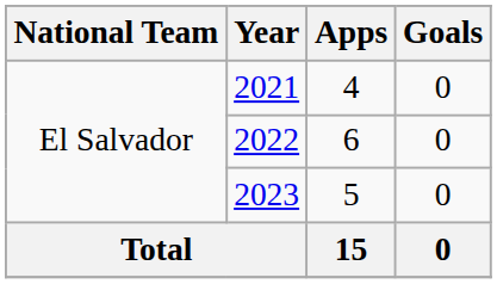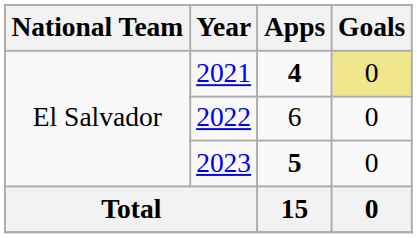 <table class="wikitable" style="font-size:90%; text-align:center;">
 <tr>
 <th>National Team</th>
 <th>Year</th>
 <th>Apps</th>
 <th>Goals</th>
 </tr>
 <tr>
 <td rowspan=3>El Salvador</td>
 <td><a href='#'>2021</a></td>
-<td>4</td>
-<td>0</td>
+<td><strong>4</strong></td>
+<td style="background: khaki;">0</td>
 </tr>
 <tr>
 <td><a href='#'>2022</a></td>
 <td>6</td>
 <td>0</td>
 </tr>
 <tr>
 <td><a href='#'>2023</a></td>
-<td>5</td>
+<td><strong>5</strong></td>
 <td>0</td>
 </tr>
 <tr>
 <th colspan="2">Total</th>
 <th>15</th>
 <th>0</th>
 </tr>
 <tr>
 </tr>
 </table>
